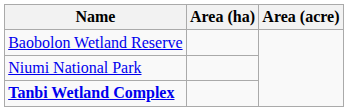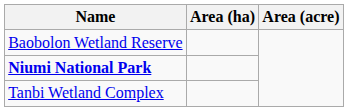 <table class="wikitable sortable">
 <tr>
 <th scope="col" align=left>Name</th>
 <th scope="col">Area (ha)</th>
 <th scope="col">Area (acre)</th>
 </tr>
 <tr ---->
 <td><a href='#'>Baobolon Wetland Reserve</a></td>
 <td></td>
 </tr>
 <tr ---->
-<td><a href='#'>Niumi National Park</a></td>
+<td><strong><a href='#'>Niumi National Park</a></strong></td>
 <td></td>
 </tr>
 <tr ---->
-<td><strong><a href='#'>Tanbi Wetland Complex</a></strong></td>
+<td><a href='#'>Tanbi Wetland Complex</a></td>
 <td></td>
 </tr>
 </table>
